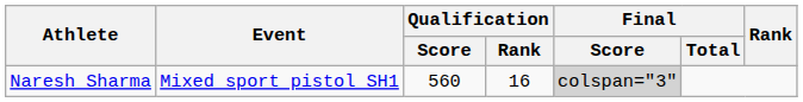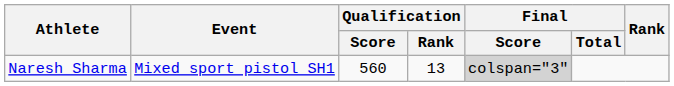 <table class="wikitable" style="font-size:90%">
 <tr>
 <th rowspan="2">Athlete</th>
 <th rowspan="2">Event</th>
 <th colspan="2">Qualification</th>
 <th colspan="2">Final</th>
 <th rowspan="2">Rank</th>
 </tr>
 <tr>
 <th>Score</th>
 <th>Rank</th>
 <th>Score</th>
 <th>Total</th>
 </tr>
 <tr>
 <td><a href='#'>Naresh Sharma</a></td>
 <td><a href='#'>Mixed sport pistol SH1</a></td>
 <td align="center">560</td>
-<td align="center">16</td>
+<td align="center">13</td>
 <td style="background: lightgrey;">colspan="3" </td>
 </tr>
 </table>
